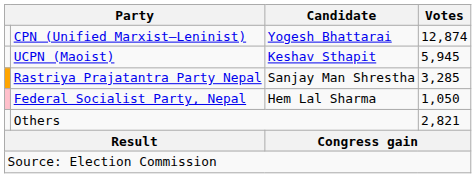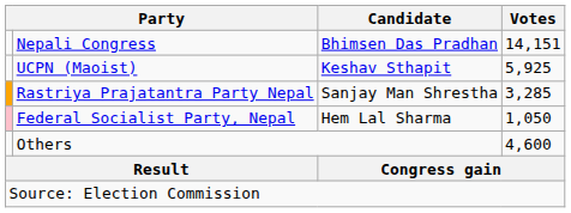 <table class="wikitable">
 <tr>
 <th colspan="2">Party</th>
 <th>Candidate</th>
 <th>Votes</th>
 </tr>
 <tr>
 <td style="background-color:"></td>
-<td><a href='#'>CPN (Unified Marxist–Leninist)</a></td>
-<td><a href='#'>Yogesh Bhattarai</a></td>
-<td>12,874</td>
+<td><a href='#'>Nepali Congress</a></td>
+<td><a href='#'>Bhimsen Das Pradhan</a></td>
+<td>14,151</td>
 </tr>
 <tr>
 <td style="background-color:"></td>
 <td><a href='#'>UCPN (Maoist)</a></td>
 <td><a href='#'>Keshav Sthapit</a></td>
-<td>5,945</td>
+<td>5,925</td>
 </tr>
 <tr>
 <td style="background-color:orange"></td>
 <td><a href='#'>Rastriya Prajatantra Party Nepal</a></td>
 <td>Sanjay Man Shrestha</td>
 <td>3,285</td>
 </tr>
 <tr>
 <td style="background-color:pink"></td>
 <td><a href='#'>Federal Socialist Party, Nepal</a></td>
 <td>Hem Lal Sharma</td>
 <td>1,050</td>
 </tr>
 <tr>
 <td></td>
 <td colspan="2">Others</td>
-<td>2,821</td>
+<td>4,600</td>
 </tr>
 <tr>
 <th colspan="2">Result</th>
 <th colspan="2">Congress gain</th>
 </tr>
 <tr>
 <td colspan="4">Source: Election Commission</td>
 </tr>
 </table>
